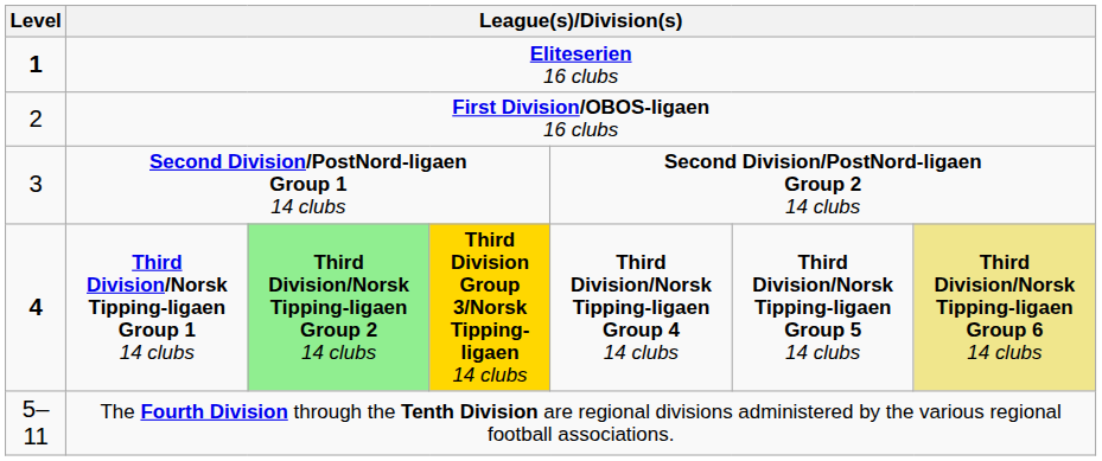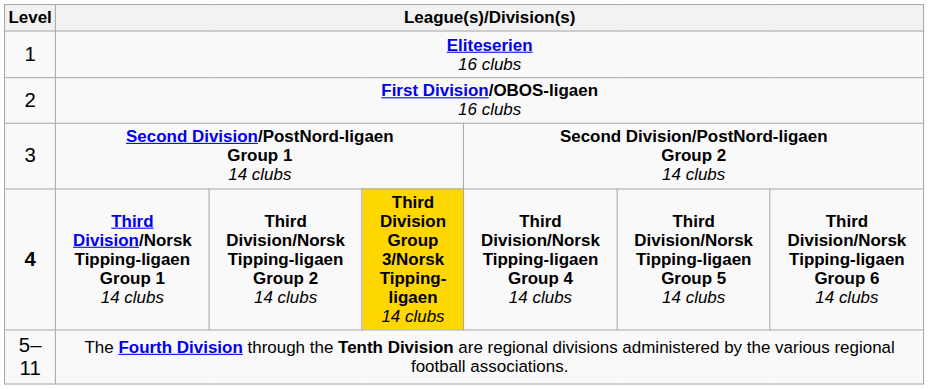 <table class="wikitable" style="text-align: center;">
 <tr>
 <th>Level</th>
 <th colspan="6">League(s)/Division(s)</th>
 </tr>
 <tr>
-<td><strong><big>1</big></strong></td>
+<td><big>1</big></td>
 <td colspan="6"><strong><a href='#'>Eliteserien</a></strong><br><em>16 clubs</em></td>
 </tr>
 <tr>
 <td><big>2</big></td>
 <td colspan="6"><strong><a href='#'>First Division</a>/OBOS-ligaen</strong><br><em>16 clubs</em></td>
 </tr>
 <tr>
 <td><big>3</big></td>
 <td colspan="3"><strong><a href='#'>Second Division</a>/PostNord-ligaen</strong><br><strong>Group 1</strong><br><em>14 clubs</em></td>
 <td colspan="3"><strong>Second Division/PostNord-ligaen</strong><br><strong>Group 2</strong><br><em>14 clubs</em></td>
 </tr>
 <tr>
 <td><strong><big>4</big></strong></td>
 <td><strong><a href='#'>Third Division</a>/Norsk Tipping-ligaen</strong><br><strong>Group 1</strong><br><em>14 clubs</em></td>
-<td style="background: lightgreen;"><strong>Third Division/Norsk Tipping-ligaen</strong><br><strong>Group 2</strong><br><em>14 clubs</em></td>
+<td><strong>Third Division/Norsk Tipping-ligaen</strong><br><strong>Group 2</strong><br><em>14 clubs</em></td>
 <td style="background: gold;"><strong>Third Division</strong><br><strong>Group 3/Norsk Tipping-ligaen</strong><br><em>14 clubs</em></td>
 <td><strong>Third Division/Norsk Tipping-ligaen</strong><br><strong>Group 4</strong><br><em>14 clubs</em></td>
 <td><strong>Third Division/Norsk Tipping-ligaen</strong><br><strong>Group 5</strong><br><em>14 clubs</em></td>
-<td style="background: khaki;"><strong>Third Division/Norsk Tipping-ligaen</strong><br><strong>Group 6</strong><br><em>14 clubs</em></td>
+<td><strong>Third Division/Norsk Tipping-ligaen</strong><br><strong>Group 6</strong><br><em>14 clubs</em></td>
 </tr>
 <tr>
 <td><big>5–11</big></td>
 <td colspan="12">The <strong><a href='#'>Fourth Division</a></strong> through the <strong>Tenth Division</strong> are regional divisions administered by the various regional football associations.</td>
 </tr>
 </table>
